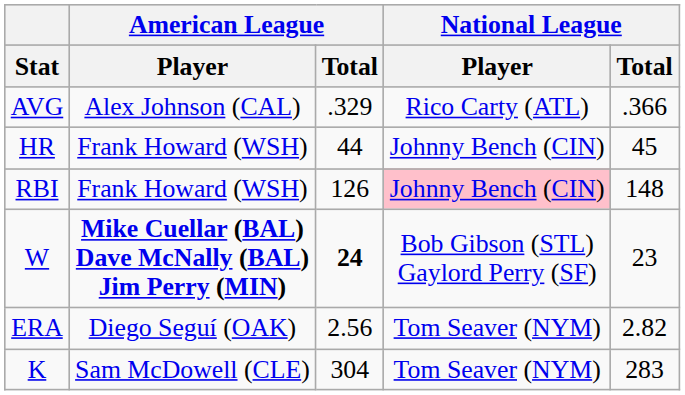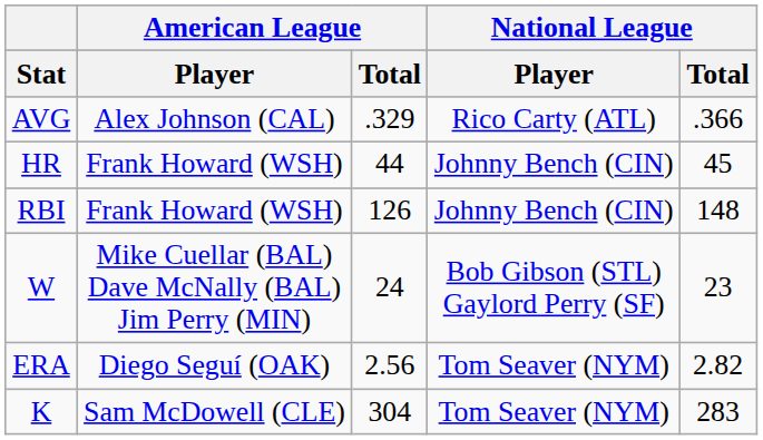 <table class="wikitable" style="text-align:center;">
 <tr>
 <th></th>
 <th colspan="2"><a href='#'>American League</a></th>
 <th colspan="2"><a href='#'>National League</a></th>
 </tr>
 <tr>
 <th>Stat</th>
 <th>Player</th>
 <th>Total</th>
 <th>Player</th>
 <th>Total</th>
 </tr>
 <tr>
 <td><a href='#'>AVG</a></td>
 <td><a href='#'>Alex Johnson</a> (<a href='#'>CAL</a>)</td>
 <td>.329</td>
 <td><a href='#'>Rico Carty</a> (<a href='#'>ATL</a>)</td>
 <td>.366</td>
 </tr>
 <tr>
 <td><a href='#'>HR</a></td>
 <td><a href='#'>Frank Howard</a> (<a href='#'>WSH</a>)</td>
 <td>44</td>
 <td><a href='#'>Johnny Bench</a> (<a href='#'>CIN</a>)</td>
 <td>45</td>
 </tr>
 <tr>
 <td><a href='#'>RBI</a></td>
 <td><a href='#'>Frank Howard</a> (<a href='#'>WSH</a>)</td>
 <td>126</td>
-<td style="background: pink;"><a href='#'>Johnny Bench</a> (<a href='#'>CIN</a>)</td>
+<td><a href='#'>Johnny Bench</a> (<a href='#'>CIN</a>)</td>
 <td>148</td>
 </tr>
 <tr>
 <td><a href='#'>W</a></td>
-<td><strong><a href='#'>Mike Cuellar</a> (<a href='#'>BAL</a>)<br><a href='#'>Dave McNally</a> (<a href='#'>BAL</a>)<br><a href='#'>Jim Perry</a> (<a href='#'>MIN</a>)</strong></td>
-<td><strong>24</strong></td>
+<td><a href='#'>Mike Cuellar</a> (<a href='#'>BAL</a>)<br><a href='#'>Dave McNally</a> (<a href='#'>BAL</a>)<br><a href='#'>Jim Perry</a> (<a href='#'>MIN</a>)</td>
+<td>24</td>
 <td><a href='#'>Bob Gibson</a> (<a href='#'>STL</a>)<br><a href='#'>Gaylord Perry</a> (<a href='#'>SF</a>)</td>
 <td>23</td>
 </tr>
 <tr>
 <td><a href='#'>ERA</a></td>
 <td><a href='#'>Diego Seguí</a> (<a href='#'>OAK</a>)</td>
 <td>2.56</td>
 <td><a href='#'>Tom Seaver</a> (<a href='#'>NYM</a>)</td>
 <td>2.82</td>
 </tr>
 <tr>
 <td><a href='#'>K</a></td>
 <td><a href='#'>Sam McDowell</a> (<a href='#'>CLE</a>)</td>
 <td>304</td>
 <td><a href='#'>Tom Seaver</a> (<a href='#'>NYM</a>)</td>
 <td>283</td>
 </tr>
 </table>
